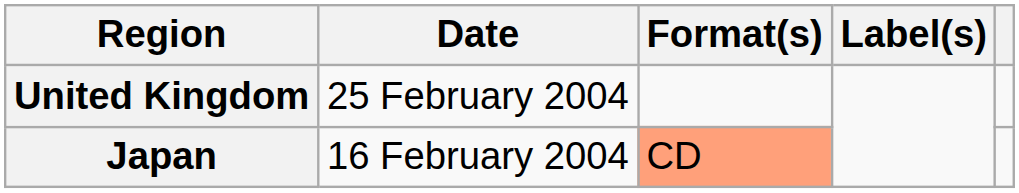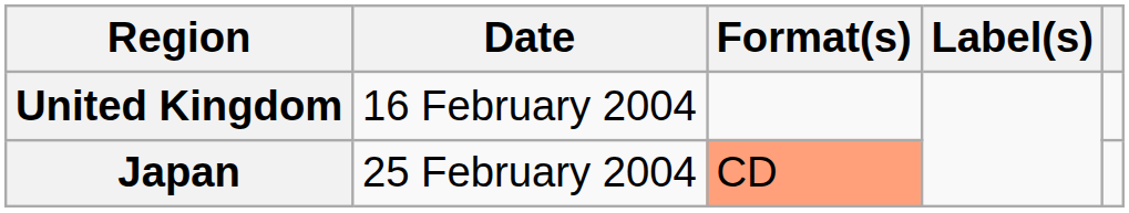 <table class="wikitable plainrowheaders">
 <tr>
 <th scope="col">Region</th>
 <th scope="col">Date</th>
 <th scope="col">Format(s)</th>
 <th scope="col">Label(s)</th>
 <th scope="col"></th>
 </tr>
 <tr>
 <th scope="row">United Kingdom</th>
-<td>25 February 2004</td>
+<td>16 February 2004</td>
 <td></td>
 <td rowspan="2"></td>
 <td></td>
 </tr>
 <tr>
 <th scope="row">Japan</th>
-<td>16 February 2004</td>
+<td>25 February 2004</td>
 <td style="background: lightsalmon;">CD</td>
 <td></td>
 </tr>
 </table>
